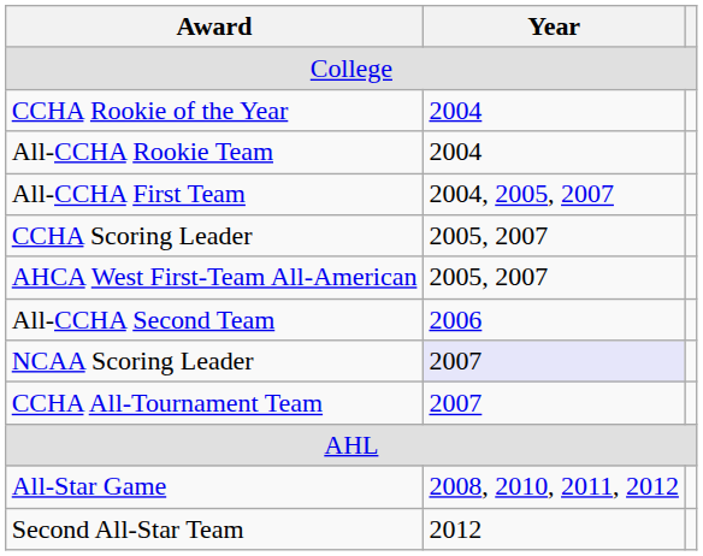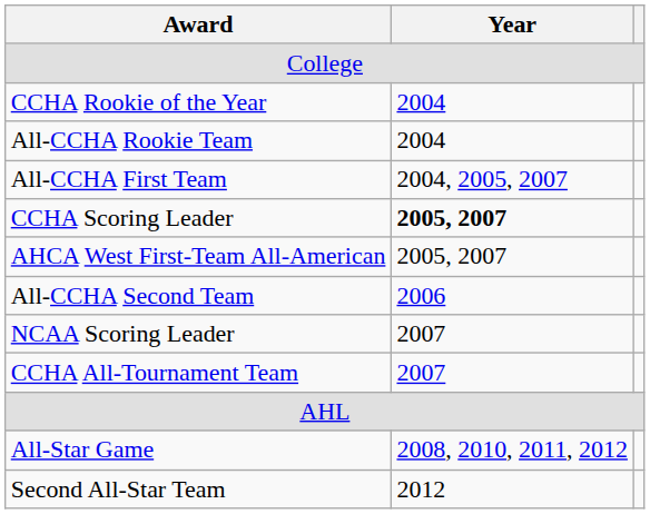 <table class="wikitable">
 <tr>
 <th>Award</th>
 <th>Year</th>
 <th></th>
 </tr>
 <tr ALIGN="center" bgcolor="#e0e0e0">
 <td colspan="3"><a href='#'>College</a></td>
 </tr>
 <tr>
 <td><a href='#'>CCHA</a> <a href='#'>Rookie of the Year</a></td>
 <td><a href='#'>2004</a></td>
 <td></td>
 </tr>
 <tr>
 <td>All-<a href='#'>CCHA</a> <a href='#'>Rookie Team</a></td>
 <td>2004</td>
 <td></td>
 </tr>
 <tr>
 <td>All-<a href='#'>CCHA</a> <a href='#'>First Team</a></td>
 <td>2004, <a href='#'>2005</a>, <a href='#'>2007</a></td>
 <td></td>
 </tr>
 <tr>
 <td><a href='#'>CCHA</a> Scoring Leader</td>
-<td>2005, 2007</td>
+<td><strong>2005, 2007</strong></td>
 <td></td>
 </tr>
 <tr>
 <td><a href='#'>AHCA</a> <a href='#'>West First-Team All-American</a></td>
 <td>2005, 2007</td>
 <td></td>
 </tr>
 <tr>
 <td>All-<a href='#'>CCHA</a> <a href='#'>Second Team</a></td>
 <td><a href='#'>2006</a></td>
 <td></td>
 </tr>
 <tr>
 <td><a href='#'>NCAA</a> Scoring Leader</td>
-<td style="background: lavender;">2007</td>
+<td>2007</td>
 <td></td>
 </tr>
 <tr>
 <td><a href='#'>CCHA</a> <a href='#'>All-Tournament Team</a></td>
 <td><a href='#'>2007</a></td>
 <td></td>
 </tr>
 <tr ALIGN="center" bgcolor="#e0e0e0">
 <td colspan="3"><a href='#'>AHL</a></td>
 </tr>
 <tr>
 <td><a href='#'>All-Star Game</a></td>
 <td><a href='#'>2008</a>, <a href='#'>2010</a>, <a href='#'>2011</a>, <a href='#'>2012</a></td>
 <td></td>
 </tr>
 <tr>
 <td>Second All-Star Team</td>
 <td>2012</td>
 <td></td>
 </tr>
 </table>
